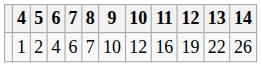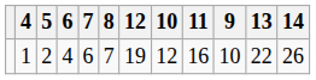 <table class="wikitable">
 <tr>
 <th></th>
 <th>4</th>
 <th>5</th>
 <th>6</th>
 <th>7</th>
 <th>8</th>
-<th>9</th>
+<th>12</th>
 <th>10</th>
 <th>11</th>
-<th>12</th>
+<th>9</th>
 <th>13</th>
 <th>14</th>
 </tr>
 <tr>
 <td></td>
 <td>1</td>
 <td>2</td>
 <td>4</td>
 <td>6</td>
 <td>7</td>
-<td>10</td>
+<td>19</td>
 <td>12</td>
 <td>16</td>
-<td>19</td>
+<td>10</td>
 <td>22</td>
 <td>26</td>
 </tr>
 </table>
